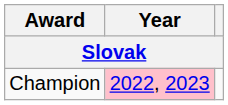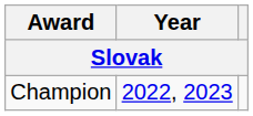 <table class="wikitable">
 <tr>
 <th>Award</th>
 <th>Year</th>
 <th></th>
 </tr>
 <tr>
 <th colspan="3"><a href='#'>Slovak</a></th>
 </tr>
 <tr>
 <td>Champion</td>
-<td style="background: pink;"><a href='#'>2022</a>, <a href='#'>2023</a></td>
+<td><a href='#'>2022</a>, <a href='#'>2023</a></td>
 <td></td>
 </tr>
 </table>
